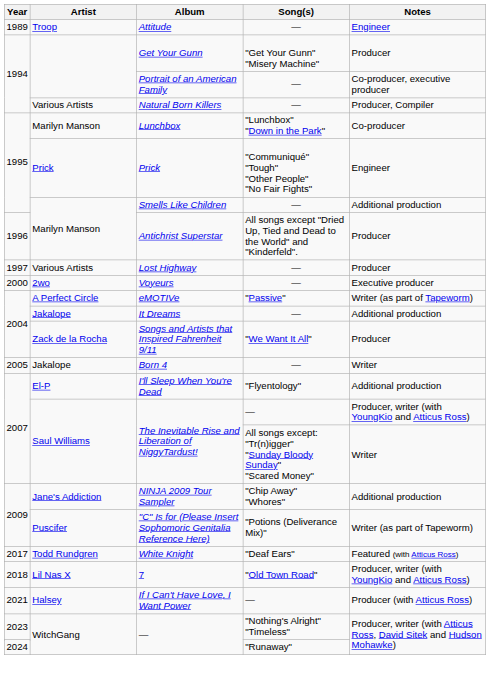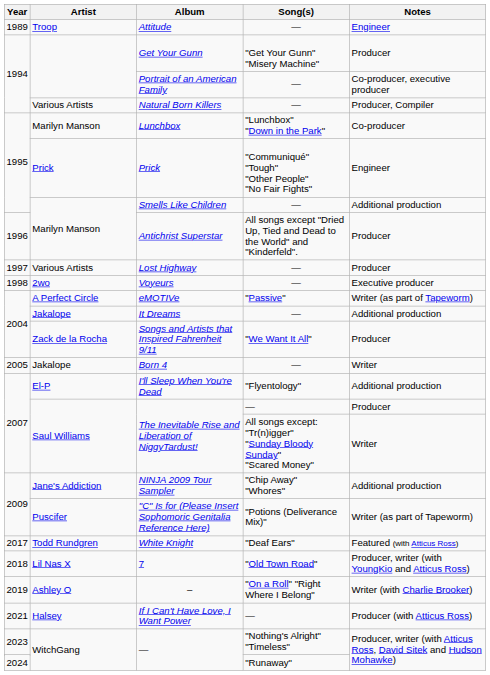 <table class="wikitable">
 <tr>
 <th width="33">Year</th>
 <th width="170">Artist</th>
 <th width="170">Album</th>
 <th width="170">Song(s)</th>
 <th width="220">Notes</th>
 </tr>
 <tr>
 <td align="center">1989</td>
 <td><a href='#'>Troop</a></td>
 <td><em><a href='#'>Attitude</a></em></td>
 <td align="center">—</td>
 <td><a href='#'>Engineer</a></td>
 </tr>
 <tr>
 <td align="center" rowspan="3">1994</td>
 <td rowspan="2"></td>
 <td><em><a href='#'>Get Your Gunn</a></em></td>
 <td><br>"Get Your Gunn"<br>"Misery Machine"</td>
 <td>Producer</td>
 </tr>
 <tr>
 <td><em><a href='#'>Portrait of an American Family</a></em></td>
 <td align="center">—</td>
 <td>Co-producer, executive producer</td>
 </tr>
 <tr>
 <td>Various Artists</td>
 <td><em><a href='#'>Natural Born Killers</a></em></td>
 <td align="center">—</td>
 <td>Producer, Compiler</td>
 </tr>
 <tr>
 <td align="center" rowspan="3">1995</td>
 <td>Marilyn Manson</td>
 <td><em><a href='#'>Lunchbox</a></em></td>
 <td>"Lunchbox"<br>"<a href='#'>Down in the Park</a>"</td>
 <td>Co-producer</td>
 </tr>
 <tr>
 <td><a href='#'>Prick</a></td>
 <td><em><a href='#'>Prick</a></em></td>
 <td><br>"Communiqué"<br> "Tough"<br> "Other People"<br> "No Fair Fights"</td>
 <td>Engineer</td>
 </tr>
 <tr>
 <td rowspan="2">Marilyn Manson</td>
 <td><em><a href='#'>Smells Like Children</a></em></td>
 <td align="center">—</td>
 <td>Additional production</td>
 </tr>
 <tr>
 <td align="center">1996</td>
 <td><em><a href='#'>Antichrist Superstar</a></em></td>
 <td>All songs except "Dried Up, Tied and Dead to the World" and "Kinderfeld".</td>
 <td>Producer</td>
 </tr>
 <tr>
 <td align="center">1997</td>
 <td>Various Artists</td>
 <td><em><a href='#'>Lost Highway</a></em></td>
 <td align="center">—</td>
 <td>Producer</td>
 </tr>
 <tr>
-<td align="center">2000</td>
+<td align="center">1998</td>
 <td><a href='#'>2wo</a></td>
 <td><em><a href='#'>Voyeurs</a></em></td>
 <td align="center">—</td>
 <td>Executive producer</td>
 </tr>
 <tr>
 <td align="center" rowspan="3">2004</td>
 <td><a href='#'>A Perfect Circle</a></td>
 <td><em><a href='#'>eMOTIVe</a></em></td>
 <td>"<a href='#'>Passive</a>"</td>
 <td>Writer (as part of <a href='#'>Tapeworm</a>)</td>
 </tr>
 <tr>
 <td><a href='#'>Jakalope</a></td>
 <td><em><a href='#'>It Dreams</a></em></td>
 <td align="center">—</td>
 <td>Additional production</td>
 </tr>
 <tr>
 <td><a href='#'>Zack de la Rocha</a></td>
 <td><em><a href='#'>Songs and Artists that Inspired Fahrenheit 9/11</a></em></td>
 <td>"<a href='#'>We Want It All</a>"</td>
 <td>Producer</td>
 </tr>
 <tr>
 <td align="center">2005</td>
 <td>Jakalope</td>
 <td><em><a href='#'>Born 4</a></em></td>
 <td align="center">—</td>
 <td>Writer</td>
 </tr>
 <tr>
 <td align="center" rowspan="3">2007</td>
 <td><a href='#'>El-P</a></td>
 <td><em><a href='#'>I'll Sleep When You're Dead</a></em></td>
 <td>"Flyentology"</td>
 <td>Additional production</td>
 </tr>
 <tr>
 <td rowspan="2"><a href='#'>Saul Williams</a></td>
 <td rowspan="2"><em><a href='#'>The Inevitable Rise and Liberation of NiggyTardust!</a></em></td>
 <td>—</td>
-<td>Producer, writer (with <a href='#'>YoungKio</a> and <a href='#'>Atticus Ross</a>)</td>
+<td>Producer</td>
 </tr>
 <tr>
 <td>All songs except:<br>"Tr(n)igger"<br>"<a href='#'>Sunday Bloody Sunday</a>"<br>"Scared Money"</td>
 <td>Writer</td>
 </tr>
 <tr>
 <td align="center" rowspan="2">2009</td>
 <td><a href='#'>Jane's Addiction</a></td>
 <td><em><a href='#'>NINJA 2009 Tour Sampler</a></em></td>
 <td>"Chip Away"<br>"Whores"</td>
 <td>Additional production</td>
 </tr>
 <tr>
 <td><a href='#'>Puscifer</a></td>
 <td><em><a href='#'>"C" Is for (Please Insert Sophomoric Genitalia Reference Here)</a></em></td>
 <td>"Potions (Deliverance Mix)"</td>
 <td>Writer (as part of Tapeworm)</td>
 </tr>
 <tr>
 <td align="center">2017</td>
 <td><a href='#'>Todd Rundgren</a></td>
 <td><em><a href='#'>White Knight</a></em></td>
 <td>"Deaf Ears"</td>
 <td>Featured <small>(with <a href='#'>Atticus Ross</a>)</small></td>
 </tr>
 <tr>
 <td align="center">2018</td>
 <td><a href='#'>Lil Nas X</a></td>
 <td><a href='#'>7</a></td>
 <td>"<a href='#'>Old Town Road</a>"</td>
 <td>Producer, writer (with <a href='#'>YoungKio</a> and <a href='#'>Atticus Ross</a>)</td>
 </tr>
 <tr>
+<td align="center">2019</td>
+<td><a href='#'>Ashley O</a></td>
+<td align="center">–</td>
+<td>"<a href='#'>On a Roll</a>" "Right Where I Belong"</td>
+<td>Writer (with <a href='#'>Charlie Brooker</a>)</td>
+</tr>
+<tr>
 <td align="center">2021</td>
 <td><a href='#'>Halsey</a></td>
 <td><em><a href='#'>If I Can't Have Love, I Want Power</a></em></td>
 <td>—</td>
 <td>Producer (with <a href='#'>Atticus Ross</a>)</td>
 </tr>
 <tr>
 <td align="center" rowspan="2">2023</td>
 <td rowspan="3">WitchGang</td>
 <td rowspan="3">—</td>
 <td>"Nothing's Alright"<br>"Timeless"</td>
 <td rowspan="3">Producer, writer (with <a href='#'>Atticus Ross</a>, <a href='#'>David Sitek</a> and <a href='#'>Hudson Mohawke</a>)</td>
 </tr>
 <tr>
 <td rowspan="2">"Runaway"</td>
 </tr>
 <tr>
 <td align="center" rowspan="2">2024</td>
 </tr>
 </table>
